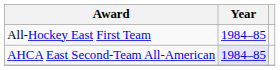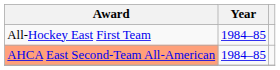 <table class="wikitable">
 <tr>
 <th>Award</th>
 <th>Year</th>
 <th></th>
 </tr>
 <tr>
 <td>All-<a href='#'>Hockey East</a> <a href='#'>First Team</a></td>
 <td><a href='#'>1984–85</a></td>
 <td></td>
 </tr>
 <tr>
-<td><a href='#'>AHCA</a> <a href='#'>East Second-Team All-American</a></td>
-<td style="background: lavender;"><a href='#'>1984–85</a></td>
+<td style="background: lightsalmon;"><a href='#'>AHCA</a> <a href='#'>East Second-Team All-American</a></td>
+<td><a href='#'>1984–85</a></td>
 <td></td>
 </tr>
 <tr>
 </tr>
 </table>
